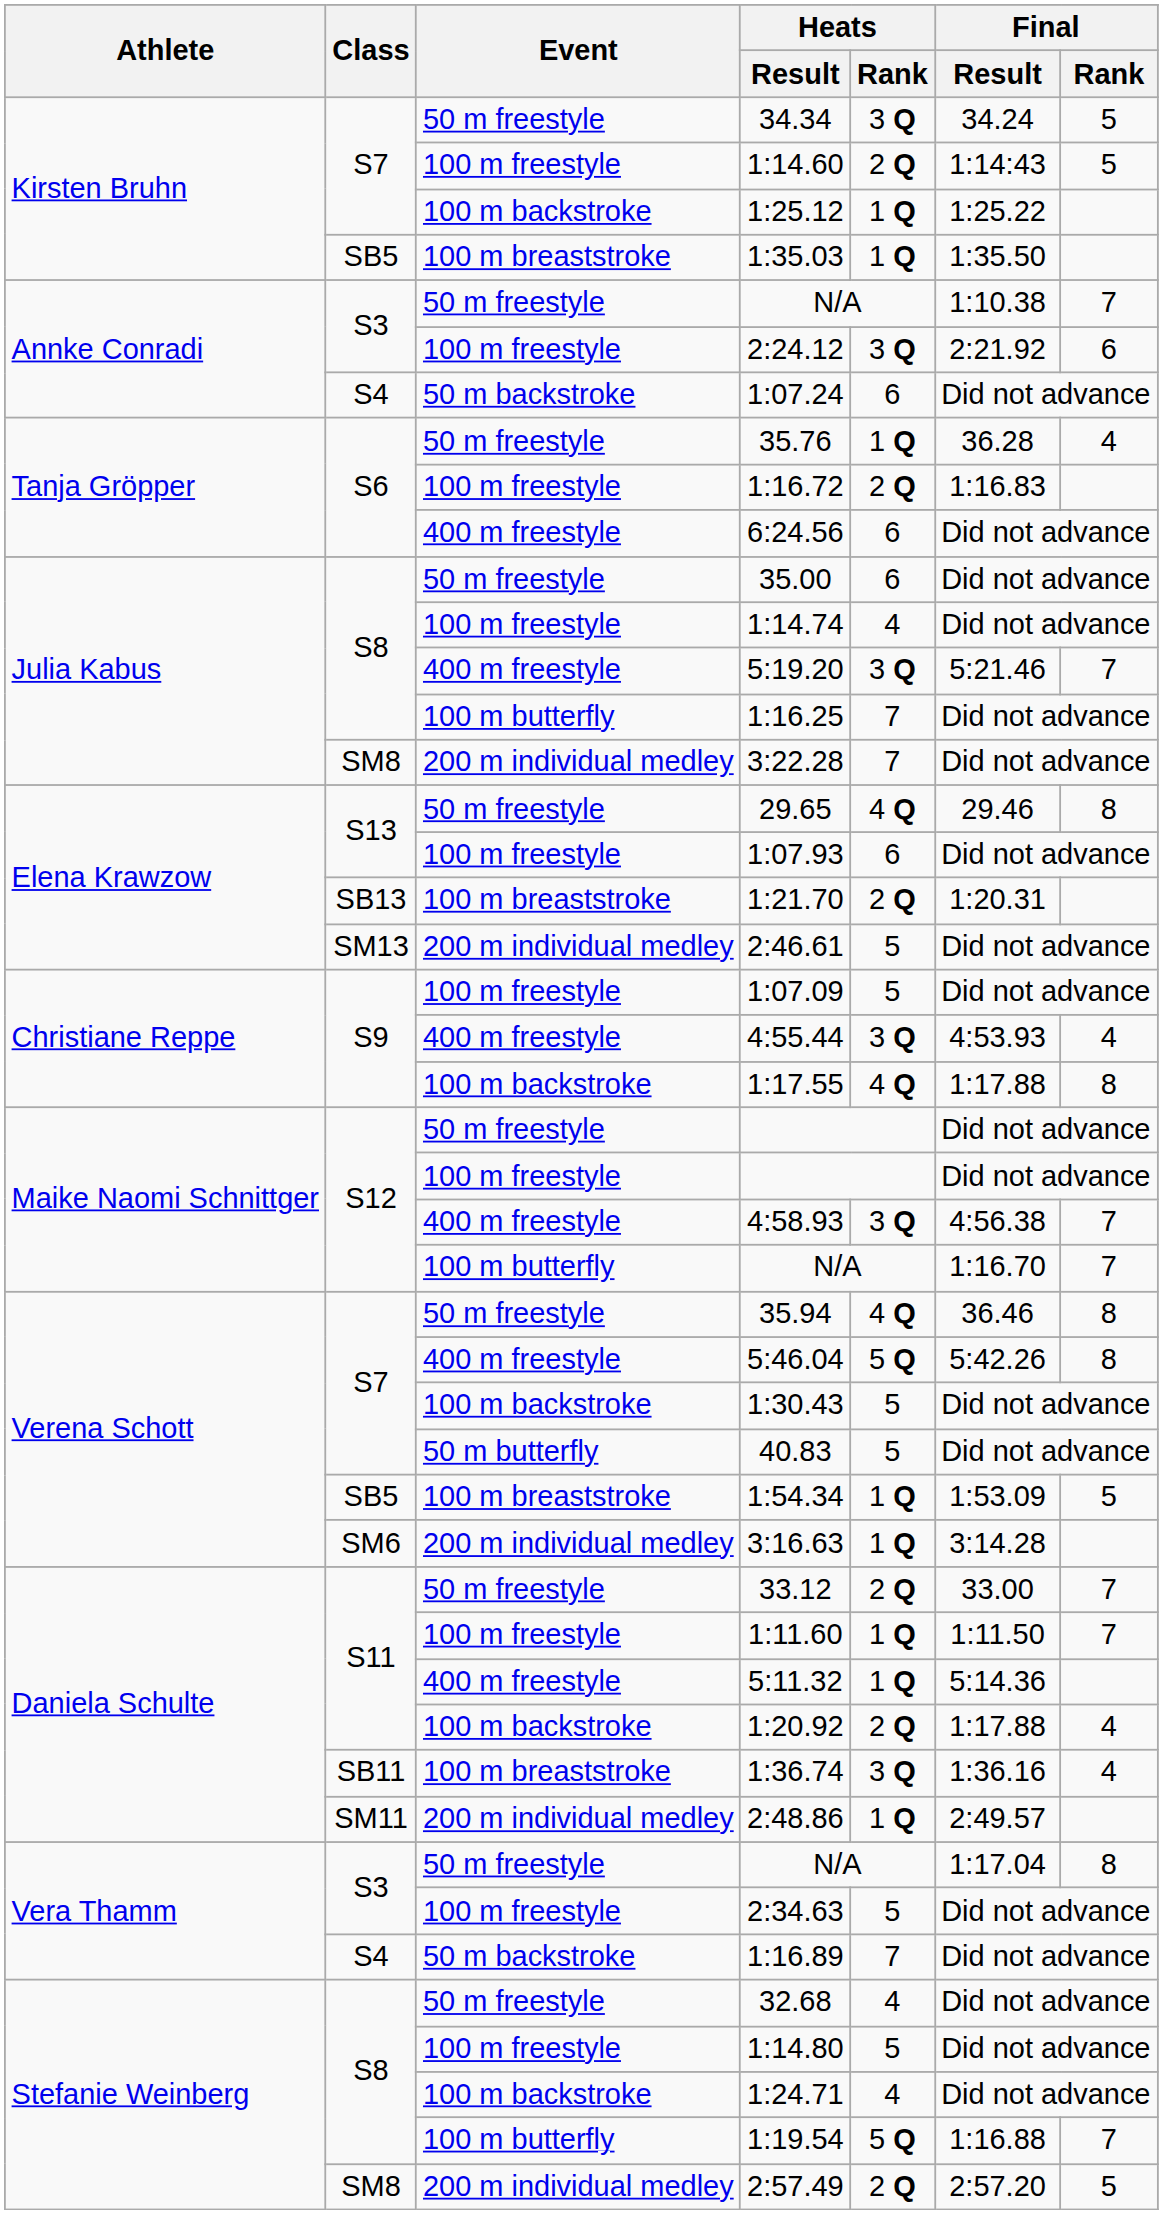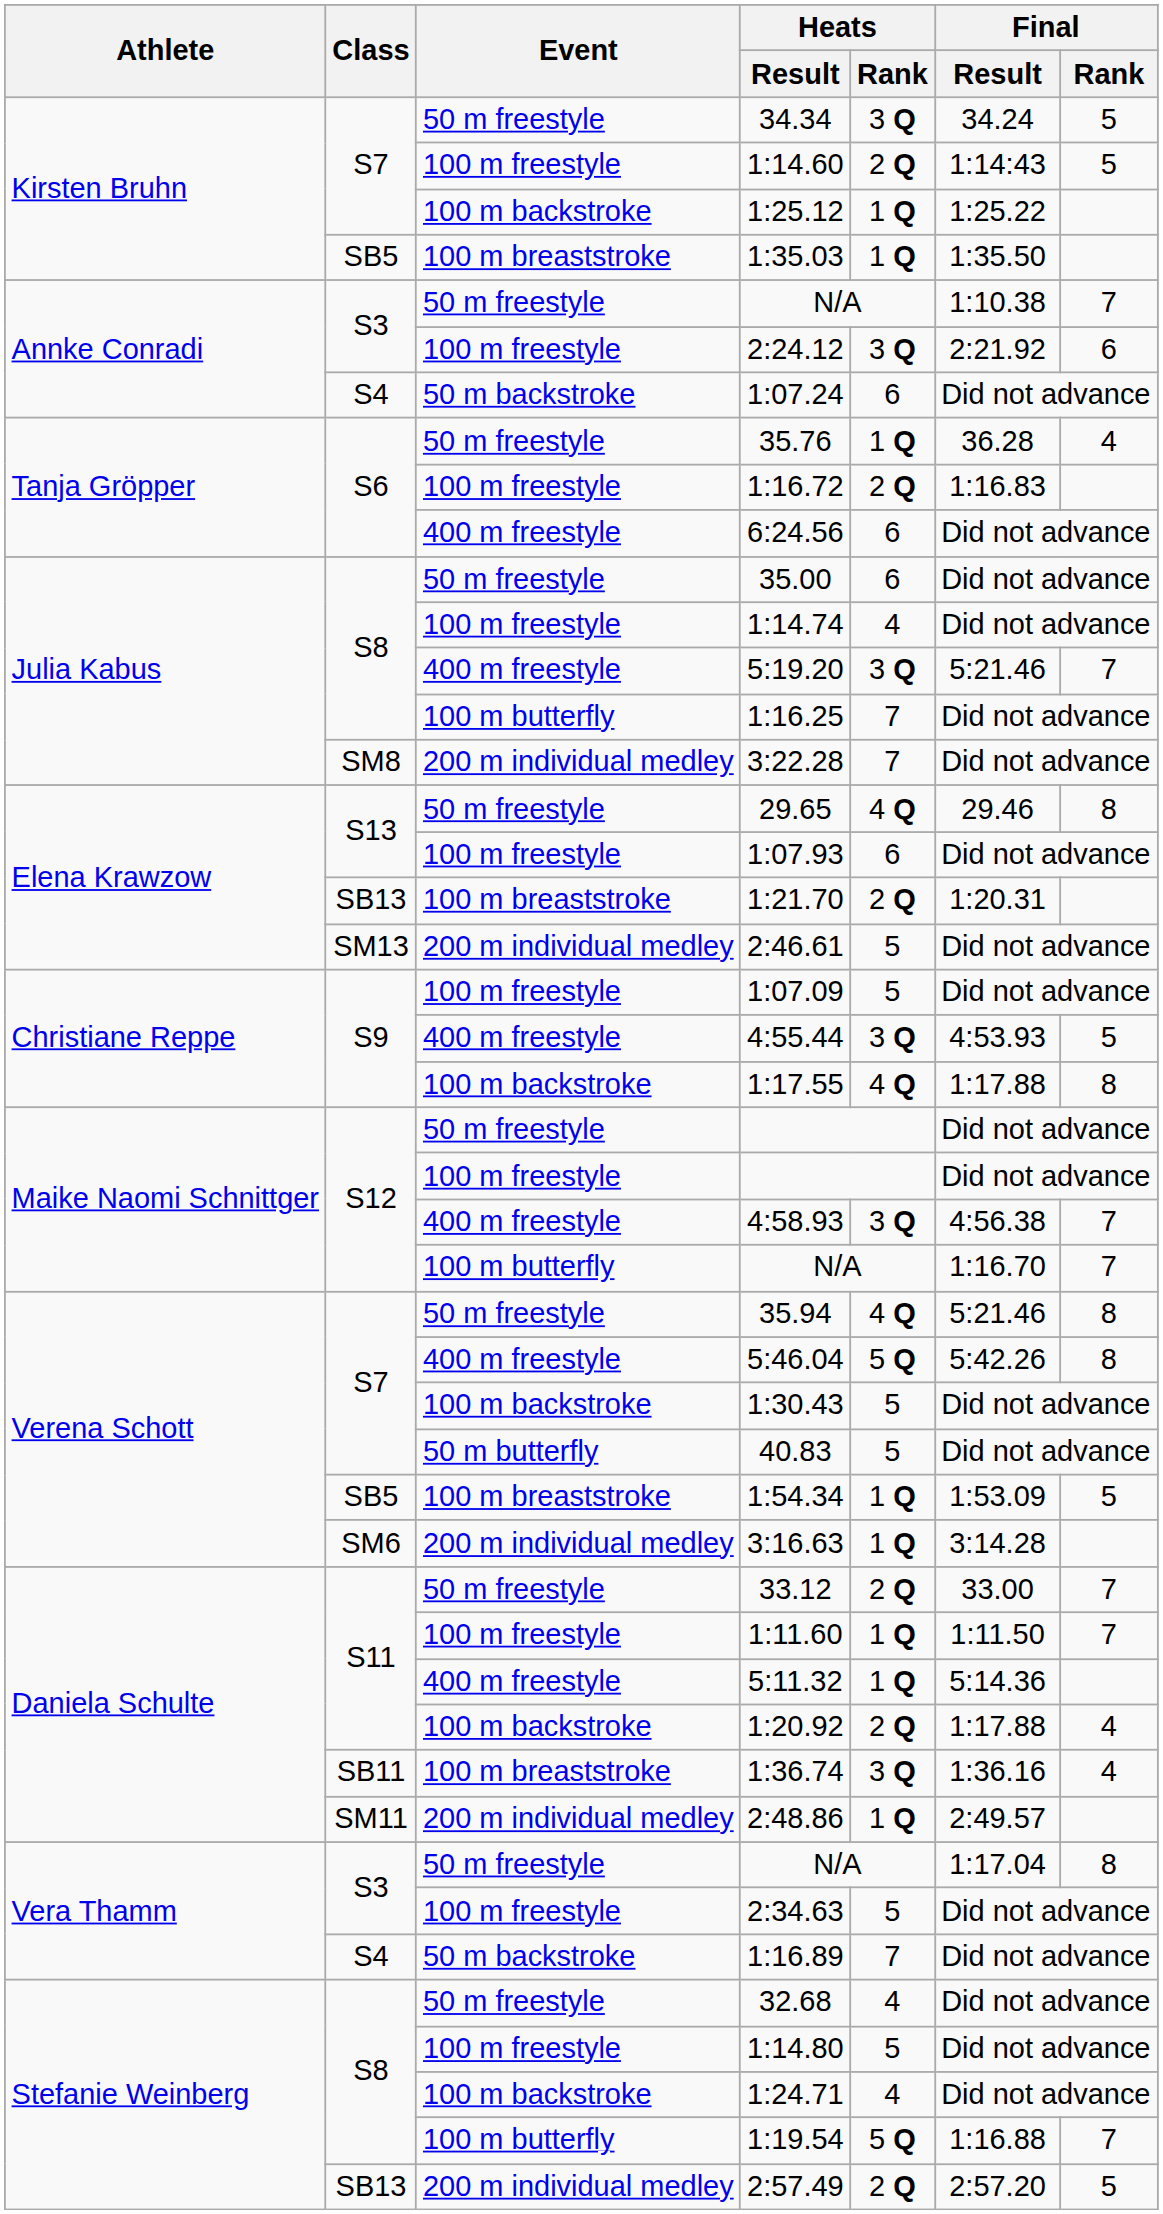 <table class=wikitable>
 <tr>
 <th rowspan="2">Athlete</th>
 <th rowspan="2">Class</th>
 <th rowspan="2">Event</th>
 <th colspan="2">Heats</th>
 <th colspan="2">Final</th>
 </tr>
 <tr>
 <th>Result</th>
 <th>Rank</th>
 <th>Result</th>
 <th>Rank</th>
 </tr>
 <tr>
 <td rowspan="4"><a href='#'>Kirsten Bruhn</a></td>
 <td rowspan="3" style="text-align:center;">S7</td>
 <td><a href='#'>50 m freestyle</a></td>
 <td style="text-align:center;">34.34</td>
 <td style="text-align:center;">3 <strong>Q</strong></td>
 <td style="text-align:center;">34.24</td>
 <td style="text-align:center;">5</td>
 </tr>
 <tr>
 <td><a href='#'>100 m freestyle</a></td>
 <td style="text-align:center;">1:14.60</td>
 <td style="text-align:center;">2 <strong>Q</strong></td>
 <td style="text-align:center;">1:14:43</td>
 <td style="text-align:center;">5</td>
 </tr>
 <tr>
 <td><a href='#'>100 m backstroke</a></td>
 <td style="text-align:center;">1:25.12</td>
 <td style="text-align:center;">1 <strong>Q</strong></td>
 <td style="text-align:center;">1:25.22</td>
 <td style="text-align:center;"></td>
 </tr>
 <tr>
 <td style="text-align:center;">SB5</td>
 <td><a href='#'>100 m breaststroke</a></td>
 <td style="text-align:center;">1:35.03 <strong></strong></td>
 <td style="text-align:center;">1 <strong>Q</strong></td>
 <td style="text-align:center;">1:35.50</td>
 <td style="text-align:center;"></td>
 </tr>
 <tr>
 <td rowspan="3"><a href='#'>Annke Conradi</a></td>
 <td rowspan="2" style="text-align:center;">S3</td>
 <td><a href='#'>50 m freestyle</a></td>
 <td colspan="2" style="text-align:center;">N/A</td>
 <td style="text-align:center;">1:10.38</td>
 <td style="text-align:center;">7</td>
 </tr>
 <tr>
 <td><a href='#'>100 m freestyle</a></td>
 <td style="text-align:center;">2:24.12</td>
 <td style="text-align:center;">3 <strong>Q</strong></td>
 <td style="text-align:center;">2:21.92</td>
 <td style="text-align:center;">6</td>
 </tr>
 <tr>
 <td style="text-align:center;">S4</td>
 <td><a href='#'>50 m backstroke</a></td>
 <td style="text-align:center;">1:07.24</td>
 <td style="text-align:center;">6</td>
 <td colspan="2" style="text-align:center;">Did not advance</td>
 </tr>
 <tr>
 <td rowspan="3"><a href='#'>Tanja Gröpper</a></td>
 <td rowspan="3" style="text-align:center;">S6</td>
 <td><a href='#'>50 m freestyle</a></td>
 <td style="text-align:center;">35.76</td>
 <td style="text-align:center;">1 <strong>Q</strong></td>
 <td style="text-align:center;">36.28</td>
 <td style="text-align:center;">4</td>
 </tr>
 <tr>
 <td><a href='#'>100 m freestyle</a></td>
 <td style="text-align:center;">1:16.72</td>
 <td style="text-align:center;">2 <strong>Q</strong></td>
 <td style="text-align:center;">1:16.83</td>
 <td style="text-align:center;"></td>
 </tr>
 <tr>
 <td><a href='#'>400 m freestyle</a></td>
 <td style="text-align:center;">6:24.56</td>
 <td style="text-align:center;">6</td>
 <td colspan="2" style="text-align:center;">Did not advance</td>
 </tr>
 <tr>
 <td rowspan="5"><a href='#'>Julia Kabus</a></td>
 <td rowspan="4" style="text-align:center;">S8</td>
 <td><a href='#'>50 m freestyle</a></td>
 <td style="text-align:center;">35.00</td>
 <td style="text-align:center;">6</td>
 <td colspan="2" style="text-align:center;">Did not advance</td>
 </tr>
 <tr>
 <td><a href='#'>100 m freestyle</a></td>
 <td style="text-align:center;">1:14.74</td>
 <td style="text-align:center;">4</td>
 <td colspan="2" style="text-align:center;">Did not advance</td>
 </tr>
 <tr>
 <td><a href='#'>400 m freestyle</a></td>
 <td style="text-align:center;">5:19.20</td>
 <td style="text-align:center;">3 <strong>Q</strong></td>
 <td style="text-align:center;">5:21.46</td>
 <td style="text-align:center;">7</td>
 </tr>
 <tr>
 <td><a href='#'>100 m butterfly</a></td>
 <td style="text-align:center;">1:16.25</td>
 <td style="text-align:center;">7</td>
 <td colspan="2" style="text-align:center;">Did not advance</td>
 </tr>
 <tr>
 <td style="text-align:center;">SM8</td>
 <td><a href='#'>200 m individual medley</a></td>
 <td style="text-align:center;">3:22.28</td>
 <td style="text-align:center;">7</td>
 <td colspan="2" style="text-align:center;">Did not advance</td>
 </tr>
 <tr>
 <td rowspan="4"><a href='#'>Elena Krawzow</a></td>
 <td rowspan="2" style="text-align:center;">S13</td>
 <td><a href='#'>50 m freestyle</a></td>
 <td style="text-align:center;">29.65</td>
 <td style="text-align:center;">4 <strong>Q</strong></td>
 <td style="text-align:center;">29.46</td>
 <td style="text-align:center;">8</td>
 </tr>
 <tr>
 <td><a href='#'>100 m freestyle</a></td>
 <td style="text-align:center;">1:07.93</td>
 <td style="text-align:center;">6</td>
 <td colspan="2" style="text-align:center;">Did not advance</td>
 </tr>
 <tr>
 <td style="text-align:center;">SB13</td>
 <td><a href='#'>100 m breaststroke</a></td>
 <td style="text-align:center;">1:21.70 <strong></strong></td>
 <td style="text-align:center;">2 <strong>Q</strong></td>
 <td style="text-align:center;">1:20.31 <strong></strong></td>
 <td style="text-align:center;"></td>
 </tr>
 <tr>
 <td style="text-align:center;">SM13</td>
 <td><a href='#'>200 m individual medley</a></td>
 <td style="text-align:center;">2:46.61</td>
 <td style="text-align:center;">5</td>
 <td colspan="2" style="text-align:center;">Did not advance</td>
 </tr>
 <tr>
 <td rowspan="3"><a href='#'>Christiane Reppe</a></td>
 <td rowspan="3" style="text-align:center;">S9</td>
 <td><a href='#'>100 m freestyle</a></td>
 <td style="text-align:center;">1:07.09</td>
 <td style="text-align:center;">5</td>
 <td colspan="2" style="text-align:center;">Did not advance</td>
 </tr>
 <tr>
 <td><a href='#'>400 m freestyle</a></td>
 <td style="text-align:center;">4:55.44</td>
 <td style="text-align:center;">3 <strong>Q</strong></td>
 <td style="text-align:center;">4:53.93</td>
-<td style="text-align:center;">4</td>
+<td style="text-align:center;">5</td>
 </tr>
 <tr>
 <td><a href='#'>100 m backstroke</a></td>
 <td style="text-align:center;">1:17.55</td>
 <td style="text-align:center;">4 <strong>Q</strong></td>
 <td style="text-align:center;">1:17.88</td>
 <td style="text-align:center;">8</td>
 </tr>
 <tr>
 <td rowspan="4"><a href='#'>Maike Naomi Schnittger</a></td>
 <td rowspan="4" style="text-align:center;">S12</td>
 <td><a href='#'>50 m freestyle</a></td>
 <td colspan="2" style="text-align:center;"></td>
 <td colspan="2" style="text-align:center;">Did not advance</td>
 </tr>
 <tr>
 <td><a href='#'>100 m freestyle</a></td>
 <td colspan="2" style="text-align:center;"></td>
 <td colspan="2" style="text-align:center;">Did not advance</td>
 </tr>
 <tr>
 <td><a href='#'>400 m freestyle</a></td>
 <td style="text-align:center;">4:58.93</td>
 <td style="text-align:center;">3 <strong>Q</strong></td>
 <td style="text-align:center;">4:56.38</td>
 <td style="text-align:center;">7</td>
 </tr>
 <tr>
 <td><a href='#'>100 m butterfly</a></td>
 <td colspan="2" style="text-align:center;">N/A</td>
 <td style="text-align:center;">1:16.70</td>
 <td style="text-align:center;">7</td>
 </tr>
 <tr>
 <td rowspan="6"><a href='#'>Verena Schott</a></td>
 <td rowspan="4" style="text-align:center;">S7</td>
 <td><a href='#'>50 m freestyle</a></td>
 <td style="text-align:center;">35.94</td>
 <td style="text-align:center;">4 <strong>Q</strong></td>
-<td style="text-align:center;">36.46</td>
+<td style="text-align:center;">5:21.46</td>
 <td style="text-align:center;">8</td>
 </tr>
 <tr>
 <td><a href='#'>400 m freestyle</a></td>
 <td style="text-align:center;">5:46.04</td>
 <td style="text-align:center;">5 <strong>Q</strong></td>
 <td style="text-align:center;">5:42.26</td>
 <td style="text-align:center;">8</td>
 </tr>
 <tr>
 <td><a href='#'>100 m backstroke</a></td>
 <td style="text-align:center;">1:30.43</td>
 <td style="text-align:center;">5</td>
 <td colspan="2" style="text-align:center;">Did not advance</td>
 </tr>
 <tr>
 <td><a href='#'>50 m butterfly</a></td>
 <td style="text-align:center;">40.83</td>
 <td style="text-align:center;">5</td>
 <td colspan="2" style="text-align:center;">Did not advance</td>
 </tr>
 <tr>
 <td style="text-align:center;">SB5</td>
 <td><a href='#'>100 m breaststroke</a></td>
 <td style="text-align:center;">1:54.34</td>
 <td style="text-align:center;">1 <strong>Q</strong></td>
 <td style="text-align:center;">1:53.09</td>
 <td style="text-align:center;">5</td>
 </tr>
 <tr>
 <td style="text-align:center;">SM6</td>
 <td><a href='#'>200 m individual medley</a></td>
 <td style="text-align:center;">3:16.63</td>
 <td style="text-align:center;">1 <strong>Q</strong></td>
 <td style="text-align:center;">3:14.28</td>
 <td style="text-align:center;"></td>
 </tr>
 <tr>
 <td rowspan="6"><a href='#'>Daniela Schulte</a></td>
 <td rowspan="4" style="text-align:center;">S11</td>
 <td><a href='#'>50 m freestyle</a></td>
 <td style="text-align:center;">33.12</td>
 <td style="text-align:center;">2 <strong>Q</strong></td>
 <td style="text-align:center;">33.00</td>
 <td style="text-align:center;">7</td>
 </tr>
 <tr>
 <td><a href='#'>100 m freestyle</a></td>
 <td style="text-align:center;">1:11.60</td>
 <td style="text-align:center;">1 <strong>Q</strong></td>
 <td style="text-align:center;">1:11.50</td>
 <td style="text-align:center;">7</td>
 </tr>
 <tr>
 <td><a href='#'>400 m freestyle</a></td>
 <td style="text-align:center;">5:11.32 <strong></strong></td>
 <td style="text-align:center;">1 <strong>Q</strong></td>
 <td style="text-align:center;">5:14.36</td>
 <td style="text-align:center;"></td>
 </tr>
 <tr>
 <td><a href='#'>100 m backstroke</a></td>
 <td style="text-align:center;">1:20.92</td>
 <td style="text-align:center;">2 <strong>Q</strong></td>
 <td style="text-align:center;">1:17.88</td>
 <td style="text-align:center;">4</td>
 </tr>
 <tr>
 <td style="text-align:center;">SB11</td>
 <td><a href='#'>100 m breaststroke</a></td>
 <td style="text-align:center;">1:36.74</td>
 <td style="text-align:center;">3 <strong>Q</strong></td>
 <td style="text-align:center;">1:36.16</td>
 <td style="text-align:center;">4</td>
 </tr>
 <tr>
 <td style="text-align:center;">SM11</td>
 <td><a href='#'>200 m individual medley</a></td>
 <td style="text-align:center;">2:48.86 <strong></strong></td>
 <td style="text-align:center;">1 <strong>Q</strong></td>
 <td style="text-align:center;">2:49.57</td>
 <td style="text-align:center;"></td>
 </tr>
 <tr>
 <td rowspan="3"><a href='#'>Vera Thamm</a></td>
 <td rowspan="2" style="text-align:center;">S3</td>
 <td><a href='#'>50 m freestyle</a></td>
 <td colspan="2" style="text-align:center;">N/A</td>
 <td style="text-align:center;">1:17.04</td>
 <td style="text-align:center;">8</td>
 </tr>
 <tr>
 <td><a href='#'>100 m freestyle</a></td>
 <td style="text-align:center;">2:34.63</td>
 <td style="text-align:center;">5</td>
 <td colspan="2" style="text-align:center;">Did not advance</td>
 </tr>
 <tr>
 <td style="text-align:center;">S4</td>
 <td><a href='#'>50 m backstroke</a></td>
 <td style="text-align:center;">1:16.89</td>
 <td style="text-align:center;">7</td>
 <td colspan="2" style="text-align:center;">Did not advance</td>
 </tr>
 <tr>
 <td rowspan="5"><a href='#'>Stefanie Weinberg</a></td>
 <td rowspan="4" style="text-align:center;">S8</td>
 <td><a href='#'>50 m freestyle</a></td>
 <td style="text-align:center;">32.68</td>
 <td style="text-align:center;">4</td>
 <td colspan="2" style="text-align:center;">Did not advance</td>
 </tr>
 <tr>
 <td><a href='#'>100 m freestyle</a></td>
 <td style="text-align:center;">1:14.80</td>
 <td style="text-align:center;">5</td>
 <td colspan="2" style="text-align:center;">Did not advance</td>
 </tr>
 <tr>
 <td><a href='#'>100 m backstroke</a></td>
 <td style="text-align:center;">1:24.71</td>
 <td style="text-align:center;">4</td>
 <td colspan="2" style="text-align:center;">Did not advance</td>
 </tr>
 <tr>
 <td><a href='#'>100 m butterfly</a></td>
 <td style="text-align:center;">1:19.54</td>
 <td style="text-align:center;">5 <strong>Q</strong></td>
 <td style="text-align:center;">1:16.88</td>
 <td style="text-align:center;">7</td>
 </tr>
 <tr>
-<td style="text-align:center;">SM8</td>
+<td style="text-align:center;">SB13</td>
 <td><a href='#'>200 m individual medley</a></td>
 <td style="text-align:center;">2:57.49</td>
 <td style="text-align:center;">2 <strong>Q</strong></td>
 <td style="text-align:center;">2:57.20</td>
 <td style="text-align:center;">5</td>
 </tr>
 </table>
